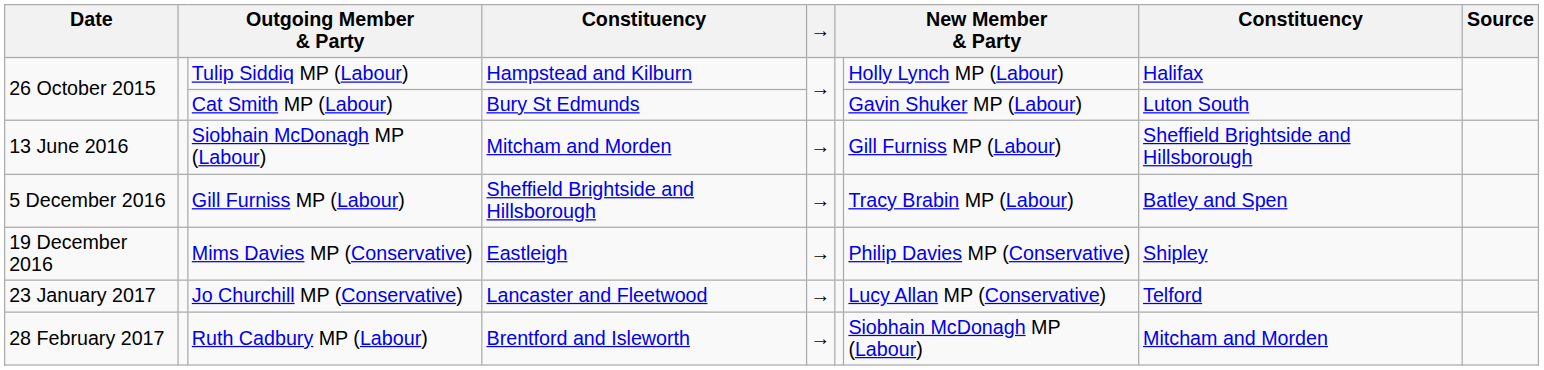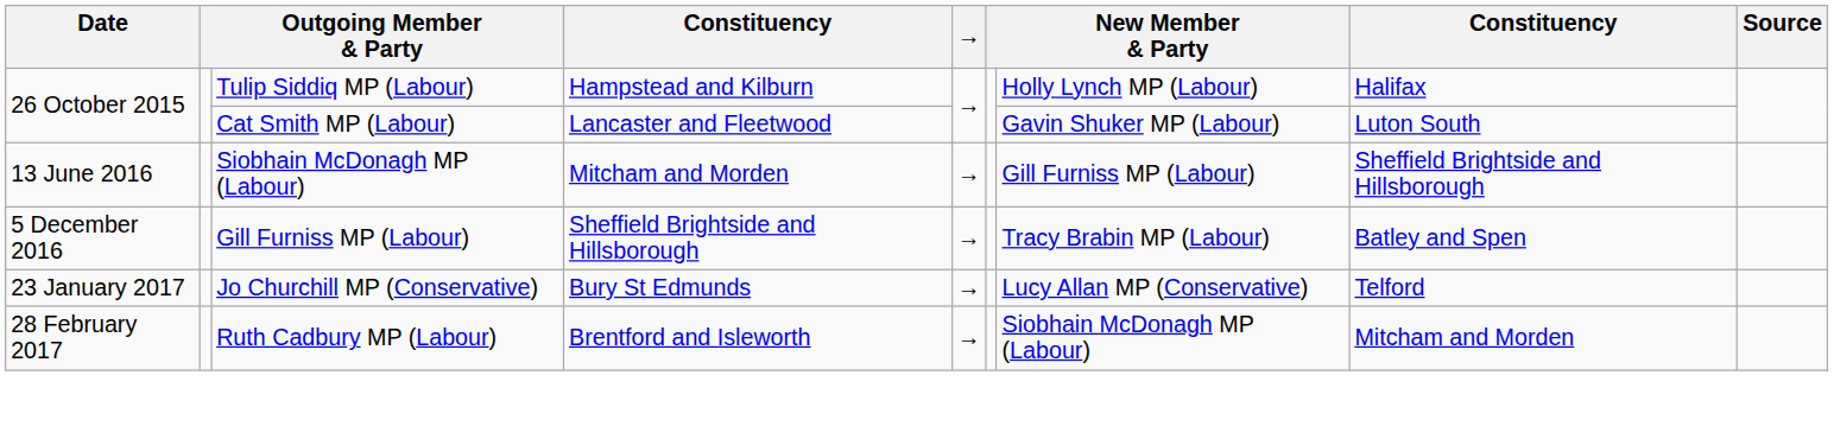 <table class="wikitable">
 <tr>
 <th valign="top">Date</th>
 <th colspan="2" valign="top">Outgoing Member<br>& Party</th>
 <th valign="top">Constituency</th>
 <th>→</th>
 <th colspan="2" valign="top">New Member<br>& Party</th>
 <th valign="top">Constituency</th>
 <th valign="top">Source</th>
 </tr>
 <tr>
 <td rowspan=2>26 October 2015</td>
 <td rowspan=2 style="color:inherit;background:"></td>
 <td><a href='#'>Tulip Siddiq</a> MP (<a href='#'>Labour</a>)</td>
 <td><a href='#'>Hampstead and Kilburn</a></td>
 <td rowspan=2>→</td>
 <td rowspan=2 style="color:inherit;background:"></td>
 <td><a href='#'>Holly Lynch</a> MP (<a href='#'>Labour</a>)</td>
 <td><a href='#'>Halifax</a></td>
 <td rowspan=2></td>
 </tr>
 <tr>
 <td><a href='#'>Cat Smith</a> MP (<a href='#'>Labour</a>)</td>
-<td><a href='#'>Bury St Edmunds</a></td>
+<td><a href='#'>Lancaster and Fleetwood</a></td>
 <td><a href='#'>Gavin Shuker</a> MP (<a href='#'>Labour</a>)</td>
 <td><a href='#'>Luton South</a></td>
 </tr>
 <tr>
 <td>13 June 2016</td>
 <td style="color:inherit;background:"></td>
 <td><a href='#'>Siobhain McDonagh</a> MP (<a href='#'>Labour</a>)</td>
 <td><a href='#'>Mitcham and Morden</a></td>
 <td>→</td>
 <td style="color:inherit;background:"></td>
 <td><a href='#'>Gill Furniss</a> MP (<a href='#'>Labour</a>)</td>
 <td><a href='#'>Sheffield Brightside and Hillsborough</a></td>
 <td></td>
 </tr>
 <tr>
 <td>5 December 2016</td>
 <td style="color:inherit;background:"></td>
 <td><a href='#'>Gill Furniss</a> MP (<a href='#'>Labour</a>)</td>
 <td><a href='#'>Sheffield Brightside and Hillsborough</a></td>
 <td>→</td>
 <td style="color:inherit;background:"></td>
 <td><a href='#'>Tracy Brabin</a> MP (<a href='#'>Labour</a>)</td>
 <td><a href='#'>Batley and Spen</a></td>
 <td></td>
 </tr>
 <tr>
-<td>19 December 2016</td>
-<td style="color:inherit;background:"></td>
-<td><a href='#'>Mims Davies</a> MP (<a href='#'>Conservative</a>)</td>
-<td><a href='#'>Eastleigh</a></td>
-<td>→</td>
-<td style="color:inherit;background:"></td>
-<td><a href='#'>Philip Davies</a> MP (<a href='#'>Conservative</a>)</td>
-<td><a href='#'>Shipley</a></td>
-<td></td>
-</tr>
-<tr>
 <td>23 January 2017</td>
 <td style="color:inherit;background:"></td>
 <td><a href='#'>Jo Churchill</a> MP (<a href='#'>Conservative</a>)</td>
-<td><a href='#'>Lancaster and Fleetwood</a></td>
+<td><a href='#'>Bury St Edmunds</a></td>
 <td>→</td>
 <td style="color:inherit;background:"></td>
 <td><a href='#'>Lucy Allan</a> MP (<a href='#'>Conservative</a>)</td>
 <td><a href='#'>Telford</a></td>
 <td></td>
 </tr>
 <tr>
 <td>28 February 2017</td>
 <td style="color:inherit;background:"></td>
 <td><a href='#'>Ruth Cadbury</a> MP (<a href='#'>Labour</a>)</td>
 <td><a href='#'>Brentford and Isleworth</a></td>
 <td>→</td>
 <td style="color:inherit;background:"></td>
 <td><a href='#'>Siobhain McDonagh</a> MP (<a href='#'>Labour</a>)</td>
 <td><a href='#'>Mitcham and Morden</a></td>
 <td></td>
 </tr>
 </table>
